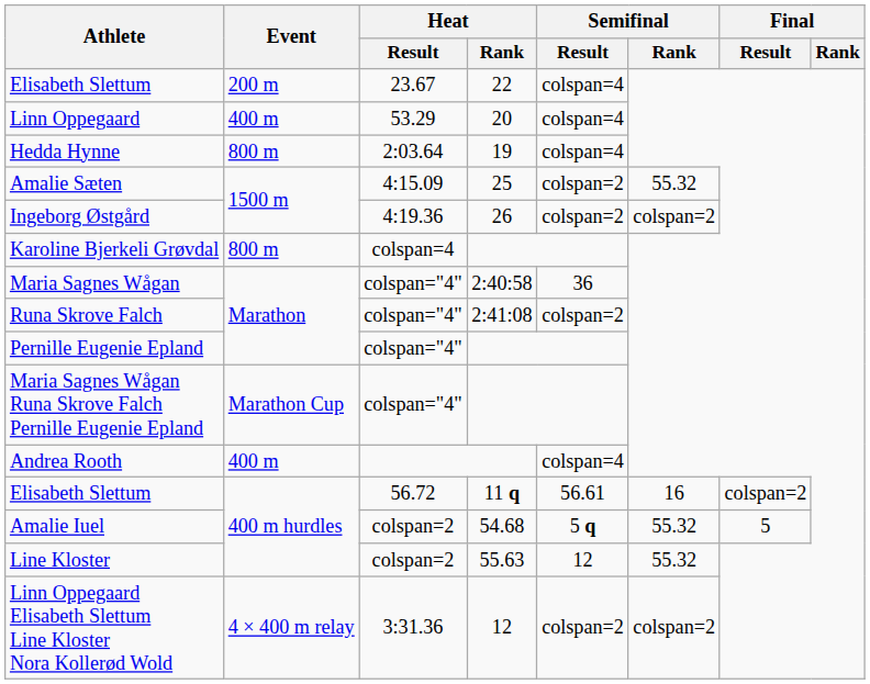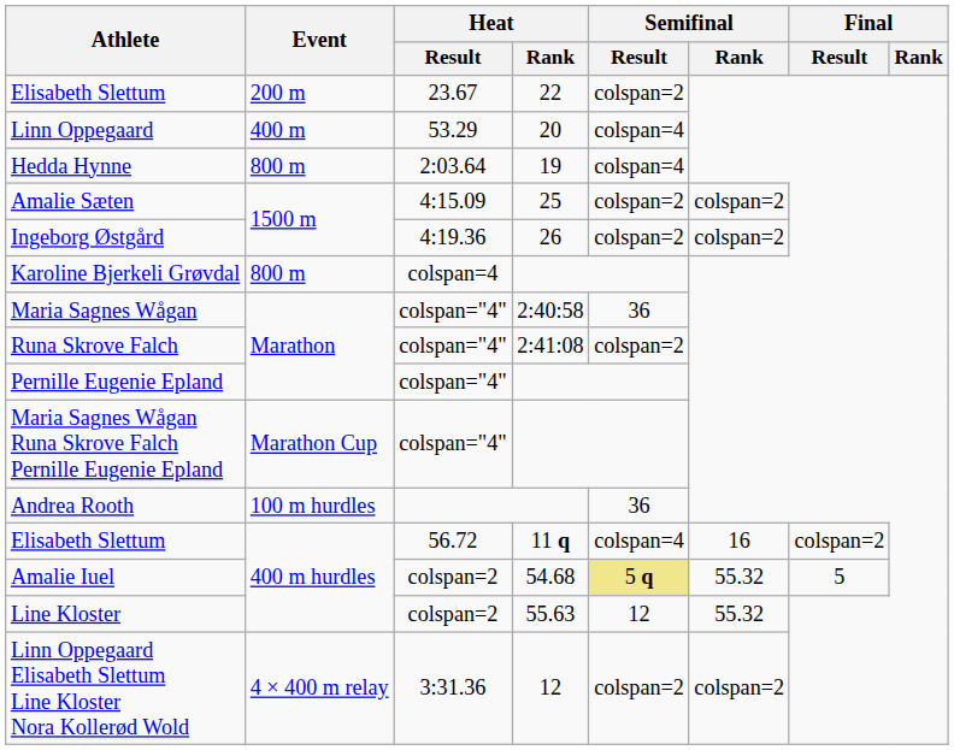 <table class="wikitable" style="font-size:90%">
 <tr>
 <th rowspan="2">Athlete</th>
 <th rowspan="2">Event</th>
 <th colspan="2">Heat</th>
 <th colspan="2">Semifinal</th>
 <th colspan="2">Final</th>
 </tr>
 <tr style="font-size:95%">
 <th>Result</th>
 <th>Rank</th>
 <th>Result</th>
 <th>Rank</th>
 <th>Result</th>
 <th>Rank</th>
 </tr>
 <tr align=center>
 <td align=left><a href='#'>Elisabeth Slettum</a></td>
 <td align=left><a href='#'>200 m</a></td>
 <td>23.67</td>
 <td>22</td>
-<td>colspan=4 </td>
+<td>colspan=2 </td>
 </tr>
 <tr align=center>
 <td align=left><a href='#'>Linn Oppegaard</a></td>
 <td align=left><a href='#'>400 m</a></td>
 <td>53.29</td>
 <td>20</td>
 <td>colspan=4 </td>
 </tr>
 <tr align=center>
 <td align=left><a href='#'>Hedda Hynne</a></td>
 <td align=left><a href='#'>800 m</a></td>
 <td>2:03.64</td>
 <td>19</td>
 <td>colspan=4 </td>
 </tr>
 <tr align=center>
 <td align=left><a href='#'>Amalie Sæten</a></td>
 <td align=left rowspan=2><a href='#'>1500 m</a></td>
 <td>4:15.09</td>
 <td>25</td>
 <td>colspan=2 </td>
-<td>55.32</td>
+<td>colspan=2 </td>
 </tr>
 <tr align=center>
 <td align=left><a href='#'>Ingeborg Østgård</a></td>
 <td>4:19.36</td>
 <td>26</td>
 <td>colspan=2 </td>
 <td>colspan=2 </td>
 </tr>
 <tr align=center>
 <td align=left><a href='#'>Karoline Bjerkeli Grøvdal</a></td>
 <td align=left><a href='#'>800 m</a></td>
 <td>colspan=4 </td>
 <td colspan=2></td>
 </tr>
 <tr align=center>
 <td align=left><a href='#'>Maria Sagnes Wågan</a></td>
 <td align=left rowspan=3><a href='#'>Marathon</a></td>
 <td>colspan="4" </td>
 <td>2:40:58 </td>
 <td>36</td>
 </tr>
 <tr align=center>
 <td align=left><a href='#'>Runa Skrove Falch</a></td>
 <td>colspan="4" </td>
 <td>2:41:08</td>
 <td>colspan=2 </td>
 </tr>
 <tr align=center>
 <td align=left><a href='#'>Pernille Eugenie Epland</a></td>
 <td>colspan="4" </td>
 <td colspan="2"></td>
 </tr>
 <tr align=center>
 <td align=left><a href='#'>Maria Sagnes Wågan</a><br><a href='#'>Runa Skrove Falch</a><br><a href='#'>Pernille Eugenie Epland</a></td>
 <td align=left><a href='#'>Marathon Cup</a></td>
 <td>colspan="4" </td>
 <td colspan="2"></td>
 </tr>
 <tr align=center>
 <td align=left><a href='#'>Andrea Rooth</a></td>
-<td align=left><a href='#'>400 m</a></td>
+<td align=left><a href='#'>100 m hurdles</a></td>
 <td colspan=2></td>
-<td>colspan=4 </td>
+<td>36</td>
 </tr>
 <tr align=center>
 <td align=left><a href='#'>Elisabeth Slettum</a></td>
 <td align=left rowspan=3><a href='#'>400 m hurdles</a></td>
 <td>56.72</td>
 <td>11 <strong>q</strong></td>
-<td>56.61</td>
+<td>colspan=4 </td>
 <td>16</td>
 <td>colspan=2 </td>
 </tr>
 <tr align=center>
 <td align=left><a href='#'>Amalie Iuel</a></td>
 <td>colspan=2 </td>
 <td>54.68 </td>
-<td>5 <strong>q</strong></td>
+<td style="background: khaki;">5 <strong>q</strong></td>
 <td>55.32</td>
 <td>5</td>
 </tr>
 <tr align=center>
 <td align=left><a href='#'>Line Kloster</a></td>
 <td>colspan=2 </td>
 <td>55.63</td>
 <td>12</td>
 <td>55.32</td>
 </tr>
 <tr align=center>
 <td align=left><a href='#'>Linn Oppegaard</a> <br> <a href='#'>Elisabeth Slettum</a> <br> <a href='#'>Line Kloster</a><br> <a href='#'>Nora Kollerød Wold</a></td>
 <td align=left><a href='#'>4 × 400 m relay</a></td>
 <td>3:31.36</td>
 <td>12</td>
 <td>colspan=2 </td>
 <td>colspan=2 </td>
 </tr>
 </table>
